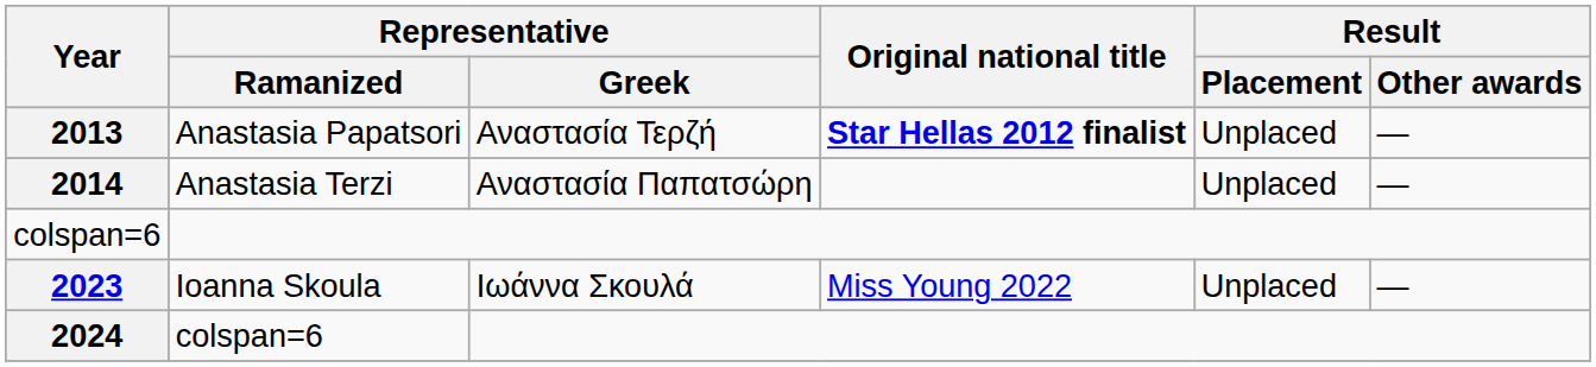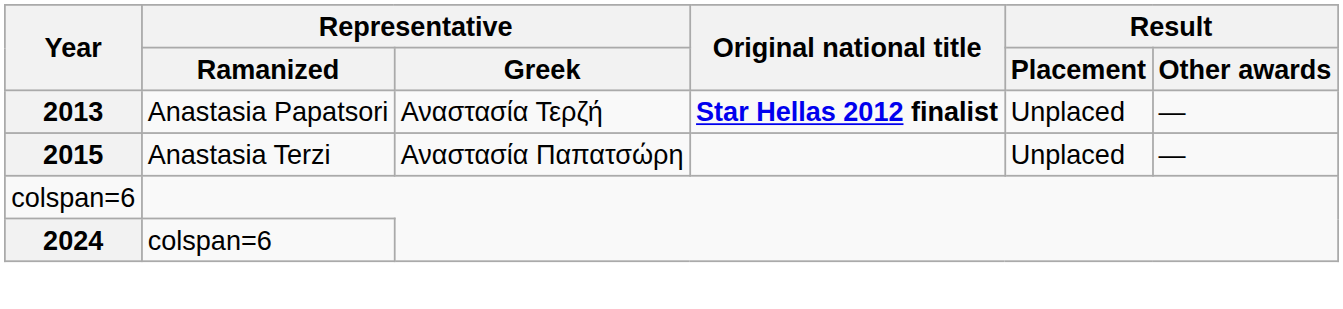 <table class="wikitable defaultcenter col2left col3left" style="font-size:95%;">
 <tr>
 <th rowspan=2>Year</th>
 <th colspan=2>Representative</th>
 <th rowspan=2>Original national title</th>
 <th colspan=2>Result</th>
 </tr>
 <tr>
 <th>Ramanized</th>
 <th>Greek</th>
 <th>Placement</th>
 <th>Other awards</th>
 </tr>
 <tr>
 <th>2013</th>
 <td>Anastasia Papatsori</td>
 <td>Αναστασία Τερζή</td>
 <td><strong><a href='#'>Star Hellas 2012</a> finalist</strong></td>
 <td>Unplaced</td>
 <td>—</td>
 </tr>
 <tr>
-<th>2014</th>
+<th>2015</th>
 <td>Anastasia Terzi</td>
 <td>Αναστασία Παπατσώρη</td>
 <td></td>
 <td>Unplaced</td>
 <td>—</td>
 </tr>
 <tr>
 <td>colspan=6 </td>
 </tr>
 <tr>
-<th><a href='#'>2023</a></th>
-<td>Ioanna Skoula</td>
-<td>Ιωάννα Σκουλά</td>
-<td><a href='#'>Miss Young 2022</a></td>
-<td>Unplaced</td>
-<td>—</td>
-</tr>
-<tr>
 <th>2024</th>
 <td>colspan=6 </td>
 </tr>
 </table>
